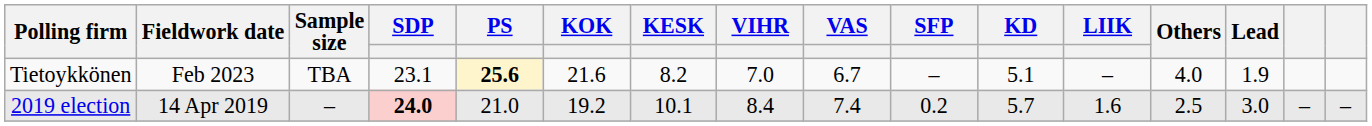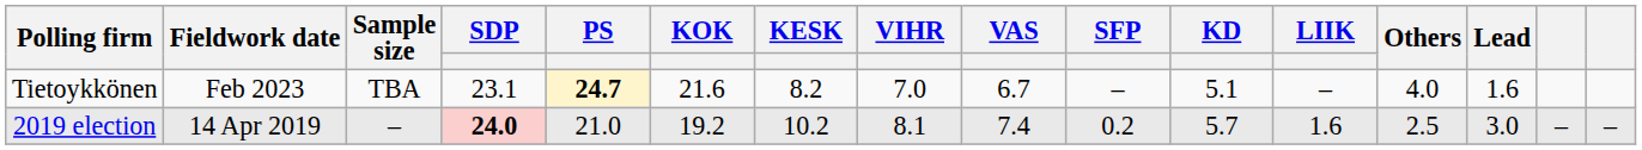 <table class="wikitable sortable mw-datatable" style="text-align:center;font-size:90%;line-height:14px;">
 <tr>
 <th rowspan="2">Polling firm</th>
 <th rowspan="2">Fieldwork date</th>
 <th rowspan="2">Sample<br>size</th>
 <th class="unsortable" style="width:50px;"><a href='#'>SDP</a></th>
 <th class="unsortable" style="width:50px;"><a href='#'>PS</a></th>
 <th class="unsortable" style="width:50px;"><a href='#'>KOK</a></th>
 <th class="unsortable" style="width:50px;"><a href='#'>KESK</a></th>
 <th class="unsortable" style="width:50px;"><a href='#'>VIHR</a></th>
 <th class="unsortable" style="width:50px;"><a href='#'>VAS</a></th>
 <th class="unsortable" style="width:50px;"><a href='#'>SFP</a></th>
 <th class="unsortable" style="width:50px;"><a href='#'>KD</a></th>
 <th class="unsortable" style="width:50px;"><a href='#'>LIIK</a></th>
 <th class="unsortable" style="width:30px;" rowspan="2">Others</th>
 <th class="unsortable" style="width:30px;" rowspan="2">Lead</th>
 <th class="unsortable" style="width:20px;" rowspan="2"></th>
 <th class="unsortable" style="width:20px;" rowspan="2"></th>
 </tr>
 <tr>
 <th data-sort-type="number" style="background:"></th>
 <th data-sort-type="number" style="background:"></th>
 <th data-sort-type="number" style="background:"></th>
 <th data-sort-type="number" style="background:"></th>
 <th data-sort-type="number" style="background:"></th>
 <th data-sort-type="number" style="background:"></th>
 <th data-sort-type="number" style="background:"></th>
 <th data-sort-type="number" style="background:"></th>
 <th data-sort-type="number" style="background:"></th>
 </tr>
 <tr>
 <td>Tietoykkönen</td>
 <td data-sort-value="2023-02-28">Feb 2023</td>
 <td>TBA</td>
 <td>23.1</td>
-<td style="background:#FFF5CC;"><strong>25.6</strong></td>
+<td style="background:#FFF5CC;"><strong>24.7</strong></td>
 <td>21.6</td>
 <td>8.2</td>
 <td>7.0</td>
 <td>6.7</td>
 <td>–</td>
 <td>5.1</td>
 <td>–</td>
 <td>4.0</td>
-<td style="background:">1.9</td>
+<td style="background:">1.6</td>
 <td></td>
 <td></td>
 </tr>
 <tr style="background:#E9E9E9;">
 <td><a href='#'>2019 election</a></td>
 <td data-sort-value="2019-04-14">14 Apr 2019</td>
 <td>–</td>
 <td style="background:#FCCFCF;"><strong>24.0</strong></td>
 <td>21.0</td>
 <td>19.2</td>
-<td>10.1</td>
-<td>8.4</td>
+<td>10.2</td>
+<td>8.1</td>
 <td>7.4</td>
 <td>0.2</td>
 <td>5.7</td>
 <td>1.6</td>
 <td>2.5</td>
 <td style="background:">3.0</td>
 <td>–</td>
 <td>–</td>
 </tr>
 </table>
